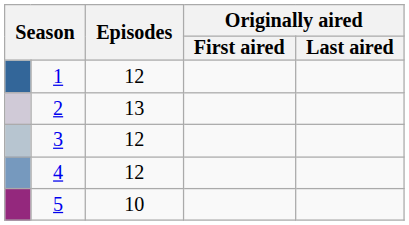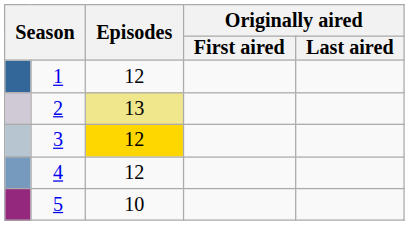 <table class="wikitable plainrowheaders" style="text-align:center;">
 <tr>
 <th scope="col" style="padding: 0 8px;" colspan="2" rowspan="2">Season</th>
 <th scope="col" style="padding: 0 8px;" rowspan="2">Episodes</th>
 <th scope="col" colspan="2">Originally aired</th>
 </tr>
 <tr>
 <th scope="col" style="padding: 0 8px;">First aired</th>
 <th scope="col" style="padding: 0 8px;">Last aired</th>
 </tr>
 <tr>
 <td scope="row" style="background:#336699;"></td>
 <td><a href='#'>1</a></td>
 <td>12</td>
 <td style="padding: 0 8px;"></td>
 <td style="padding: 0 8px;"></td>
 </tr>
 <tr>
 <td scope="row" style="background:#D0CAD7;"></td>
 <td><a href='#'>2</a></td>
-<td>13</td>
+<td style="background: khaki;">13</td>
 <td style="padding: 0 8px;"></td>
 <td style="padding: 0 8px;"></td>
 </tr>
 <tr>
 <td scope="row" style="background:#B7C5D0;"></td>
 <td><a href='#'>3</a></td>
-<td>12</td>
+<td style="background: gold;">12</td>
 <td style="padding: 0 8px;"></td>
 <td style="padding: 0 8px;"></td>
 </tr>
 <tr>
 <td scope="row" style="background:#7699be;"></td>
 <td><a href='#'>4</a></td>
 <td>12</td>
 <td style="padding: 0 8px;"></td>
 <td style="padding: 0 8px;"></td>
 </tr>
 <tr>
 <td scope="row" style="background:#94287d;"></td>
 <td><a href='#'>5</a></td>
 <td>10</td>
 <td style="padding: 0 8px;"></td>
 <td style="padding: 0 8px;"></td>
 </tr>
 </table>
